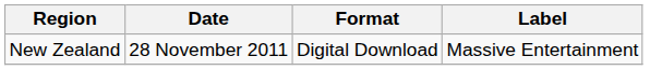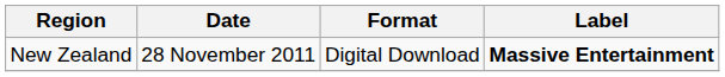 <table class=wikitable>
 <tr>
 <th>Region</th>
 <th>Date</th>
 <th>Format</th>
 <th>Label</th>
 </tr>
 <tr>
 <td>New Zealand</td>
 <td>28 November 2011</td>
 <td>Digital Download</td>
-<td>Massive Entertainment</td>
+<td><strong>Massive Entertainment</strong></td>
 </tr>
 <tr>
 </tr>
 </table>
